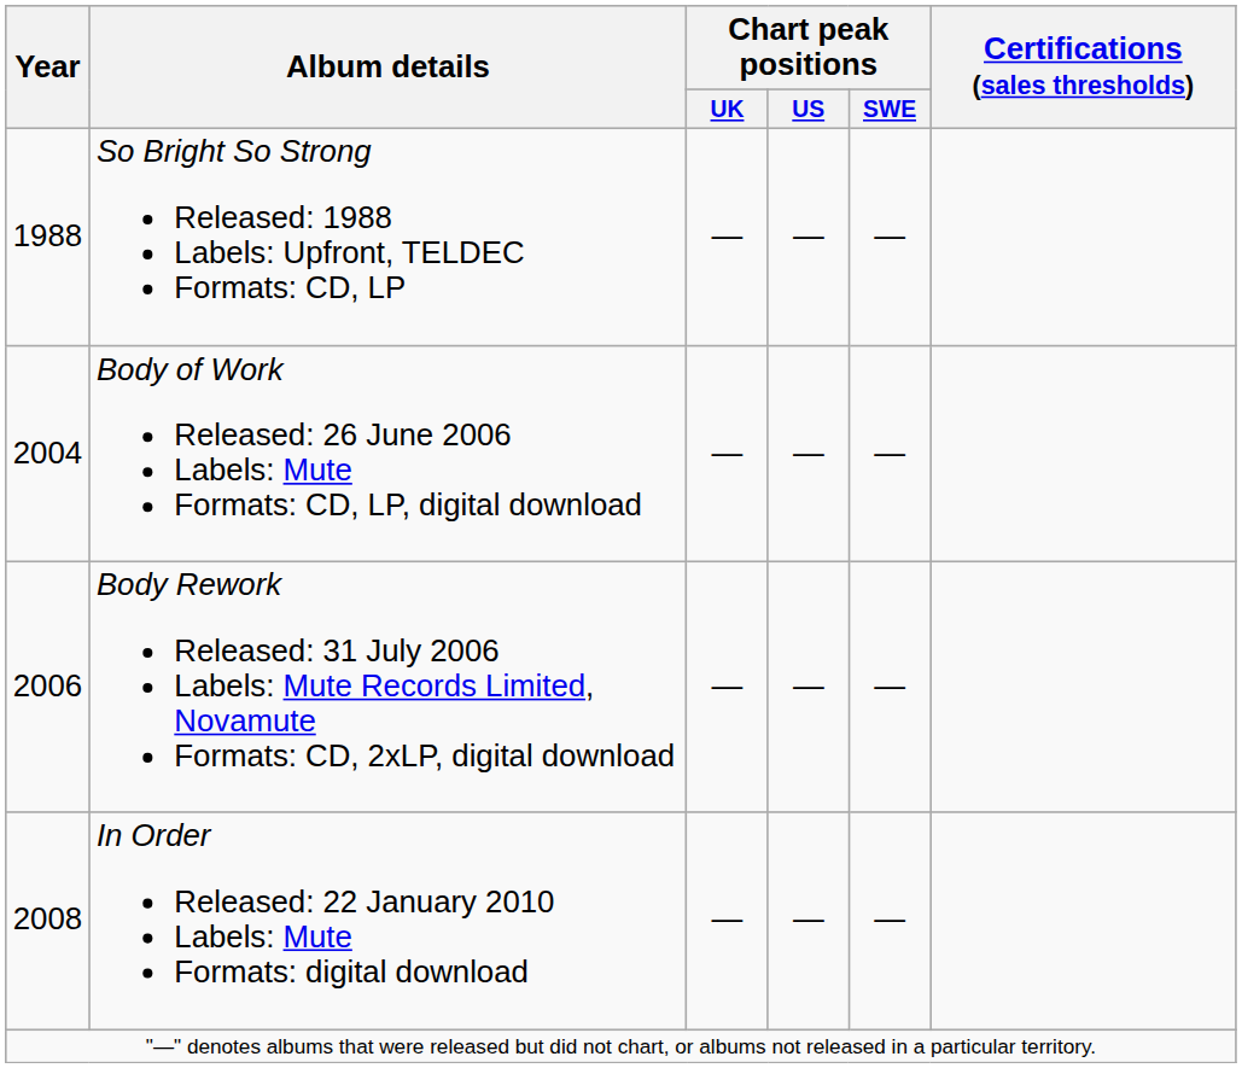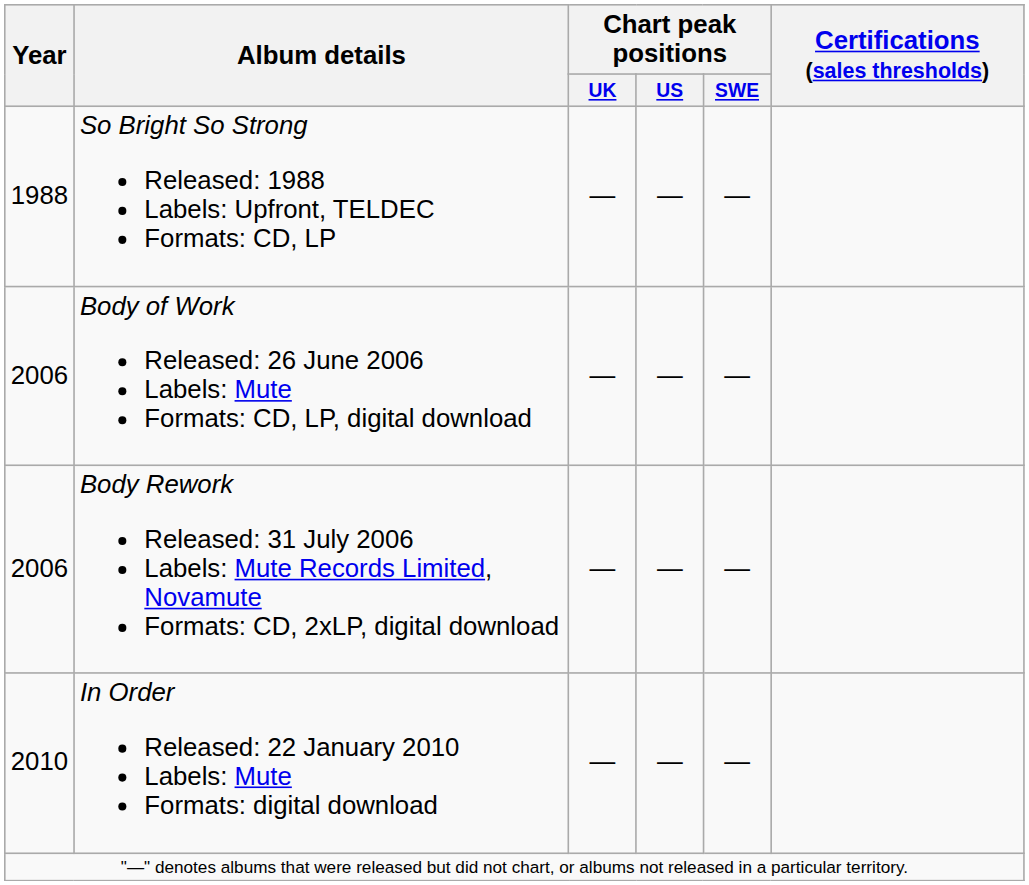 <table class="wikitable">
 <tr>
 <th rowspan="2" style="width:30px;">Year</th>
 <th rowspan="2" style="width:300px;">Album details</th>
 <th colspan="3">Chart peak positions</th>
 <th rowspan="2" style="width:150px;"><a href='#'>Certifications</a><br><small>(<a href='#'>sales thresholds</a>)</small></th>
 </tr>
 <tr>
 <th style="width:3em;font-size:75%;"><a href='#'>UK</a><br></th>
 <th style="width:3em;font-size:75%;"><a href='#'>US</a><br></th>
 <th style="width:3em;font-size:75%;"><a href='#'>SWE</a><br></th>
 </tr>
 <tr>
 <td>1988</td>
 <td><em>So Bright So Strong</em><br><ul><li>Released: 1988</li><li>Labels: Upfront, TELDEC</li><li>Formats: CD, LP</li></ul></td>
 <td style="text-align:center;">—</td>
 <td style="text-align:center;">—</td>
 <td style="text-align:center;">—</td>
 <td align="left"></td>
 </tr>
 <tr>
-<td>2004</td>
+<td>2006</td>
 <td><em>Body of Work</em><br><ul><li>Released: 26 June 2006</li><li>Labels: <a href='#'>Mute</a></li><li>Formats: CD, LP, digital download</li></ul></td>
 <td style="text-align:center;">—</td>
 <td style="text-align:center;">—</td>
 <td style="text-align:center;">—</td>
 <td align="left"></td>
 </tr>
 <tr>
 <td>2006</td>
 <td><em>Body Rework</em><br><ul><li>Released: 31 July 2006</li><li>Labels: <a href='#'>Mute Records Limited</a>, <a href='#'>Novamute</a></li><li>Formats: CD, 2xLP, digital download</li></ul></td>
 <td style="text-align:center;">—</td>
 <td style="text-align:center;">—</td>
 <td style="text-align:center;">—</td>
 <td align="left"></td>
 </tr>
 <tr>
-<td>2008</td>
+<td>2010</td>
 <td><em>In Order</em><br><ul><li>Released: 22 January 2010</li><li>Labels: <a href='#'>Mute</a></li><li>Formats: digital download</li></ul></td>
 <td style="text-align:center;">—</td>
 <td style="text-align:center;">—</td>
 <td style="text-align:center;">—</td>
 <td align="left"></td>
 </tr>
 <tr>
 <td colspan="15" style="text-align:center; font-size:8pt;">"—" denotes albums that were released but did not chart, or albums not released in a particular territory.</td>
 </tr>
 </table>
